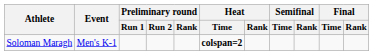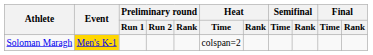 <table class="wikitable" style="font-size:90%;text-align:center">
 <tr>
 <th rowspan=2>Athlete</th>
 <th rowspan=2>Event</th>
 <th colspan=3>Preliminary round</th>
 <th colspan=2>Heat</th>
 <th colspan=2>Semifinal</th>
 <th colspan=2>Final</th>
 </tr>
 <tr style=font-size:95%>
 <th>Run 1</th>
 <th>Run 2</th>
 <th>Rank</th>
 <th>Time</th>
 <th>Rank</th>
 <th>Time</th>
 <th>Rank</th>
 <th>Time</th>
 <th>Rank</th>
 </tr>
 <tr>
 <td style="text-align:left"><a href='#'>Soloman Maragh</a></td>
-<td style="text-align:left"><a href='#'>Men's K-1</a></td>
+<td style="background: gold; text-align:left"><a href='#'>Men's K-1</a></td>
 <td></td>
 <td></td>
 <td></td>
-<td><strong>colspan=2 </strong></td>
+<td>colspan=2 </td>
 <td></td>
 <td></td>
 <td></td>
 <td></td>
 </tr>
 </table>
